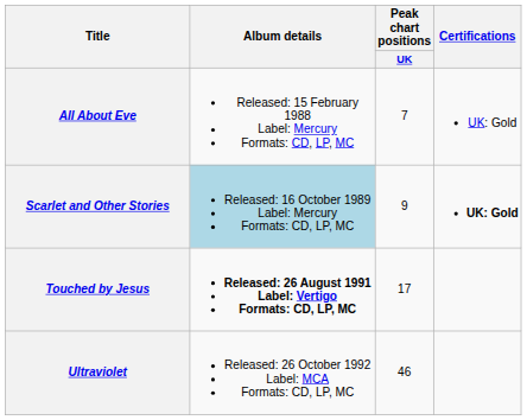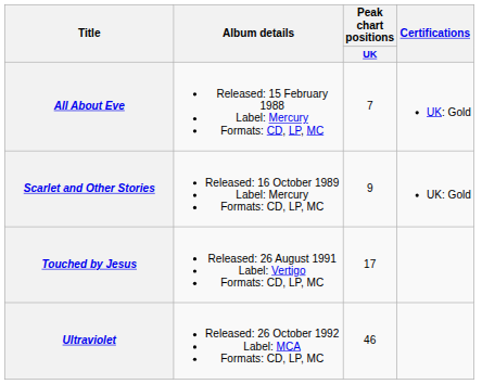 <table class="wikitable plainrowheaders" style="text-align:center;">
 <tr>
 <th rowspan="2" scope="col" style="width:15em;">Title</th>
 <th rowspan="2" scope="col" style="width:15em;">Album details</th>
 <th>Peak chart positions</th>
 <th rowspan="2"><a href='#'>Certifications</a></th>
 </tr>
 <tr>
 <th scope="col" style="width:2em;font-size:90%;"><a href='#'>UK</a><br></th>
 </tr>
 <tr>
 <th scope="row"><em><a href='#'>All About Eve</a></em></th>
 <td><br><ul><li>Released: 15 February 1988</li><li>Label: <a href='#'>Mercury</a></li><li>Formats: <a href='#'>CD</a>, <a href='#'>LP</a>, <a href='#'>MC</a></li></ul></td>
 <td>7</td>
 <td><br><ul><li><a href='#'>UK</a>: Gold</li></ul></td>
 </tr>
 <tr>
 <th scope="row"><em><a href='#'>Scarlet and Other Stories</a></em></th>
-<td style="background: lightblue;"><br><ul><li>Released: 16 October 1989</li><li>Label: Mercury</li><li>Formats: CD, LP, MC</li></ul></td>
+<td><br><ul><li>Released: 16 October 1989</li><li>Label: Mercury</li><li>Formats: CD, LP, MC</li></ul></td>
 <td>9</td>
-<td><strong><br><ul><li>UK: Gold</li></ul></strong></td>
+<td><br><ul><li>UK: Gold</li></ul></td>
 </tr>
 <tr>
 <th scope="row"><em><a href='#'>Touched by Jesus</a></em></th>
-<td><strong><br><ul><li>Released: 26 August 1991</li><li>Label: <a href='#'>Vertigo</a></li><li>Formats: CD, LP, MC</li></ul></strong></td>
+<td><br><ul><li>Released: 26 August 1991</li><li>Label: <a href='#'>Vertigo</a></li><li>Formats: CD, LP, MC</li></ul></td>
 <td>17</td>
 <td></td>
 </tr>
 <tr>
 <th scope="row"><em><a href='#'>Ultraviolet</a></em></th>
 <td><br><ul><li>Released: 26 October 1992</li><li>Label: <a href='#'>MCA</a></li><li>Formats: CD, LP, MC</li></ul></td>
 <td>46</td>
 <td></td>
 </tr>
 </table>
